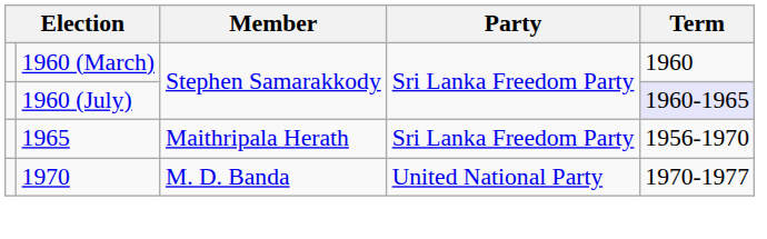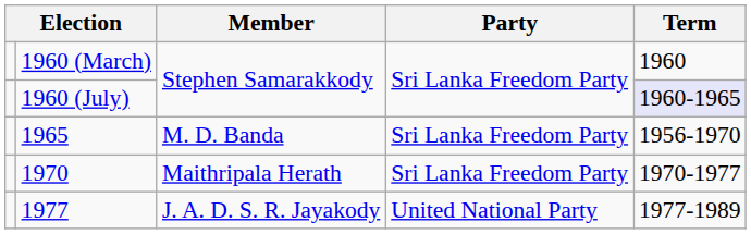 <table class="wikitable">
 <tr>
 <th colspan="2">Election</th>
 <th>Member</th>
 <th>Party</th>
 <th>Term</th>
 </tr>
 <tr>
 <td style="background-color: "></td>
 <td><a href='#'>1960 (March)</a></td>
 <td rowspan=2><a href='#'>Stephen Samarakkody</a></td>
 <td rowspan=2><a href='#'>Sri Lanka Freedom Party</a></td>
 <td>1960</td>
 </tr>
 <tr>
 <td style="background-color: "></td>
 <td><a href='#'>1960 (July)</a></td>
 <td style="background: lavender;">1960-1965</td>
 </tr>
 <tr>
 <td style="background-color: "></td>
 <td><a href='#'>1965</a></td>
-<td><a href='#'>Maithripala Herath</a></td>
+<td><a href='#'>M. D. Banda</a></td>
 <td><a href='#'>Sri Lanka Freedom Party</a></td>
 <td>1956-1970</td>
 </tr>
 <tr>
 <td style="background-color: "></td>
 <td><a href='#'>1970</a></td>
-<td><a href='#'>M. D. Banda</a></td>
-<td><a href='#'>United National Party</a></td>
+<td><a href='#'>Maithripala Herath</a></td>
+<td><a href='#'>Sri Lanka Freedom Party</a></td>
 <td>1970-1977</td>
 </tr>
+<tr>
+<td style="background-color: "></td>
+<td><a href='#'>1977</a></td>
+<td><a href='#'>J. A. D. S. R. Jayakody</a></td>
+<td><a href='#'>United National Party</a></td>
+<td>1977-1989</td>
+</tr>
 </table>
